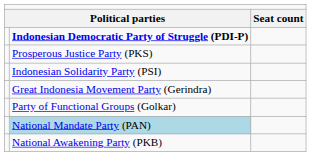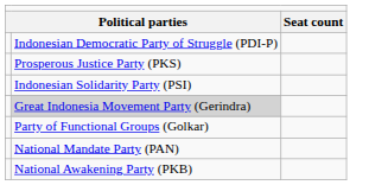 <table class="wikitable">
 <tr>
 <td colspan="4"></td>
 </tr>
 <tr>
 <th colspan="2">Political parties</th>
 <th>Seat count</th>
 </tr>
 <tr>
 <td bgcolor=></td>
-<td><strong><a href='#'>Indonesian Democratic Party of Struggle</a> (PDI-P)</strong></td>
+<td><a href='#'>Indonesian Democratic Party of Struggle</a> (PDI-P)</td>
 <td></td>
 </tr>
 <tr>
 <td bgcolor=></td>
 <td><a href='#'>Prosperous Justice Party</a> (PKS)</td>
 <td></td>
 </tr>
 <tr>
 <td bgcolor=></td>
 <td><a href='#'>Indonesian Solidarity Party</a> (PSI)</td>
 <td></td>
 </tr>
 <tr>
 <td bgcolor=></td>
-<td><a href='#'>Great Indonesia Movement Party</a> (Gerindra)</td>
+<td style="background: lightgrey;"><a href='#'>Great Indonesia Movement Party</a> (Gerindra)</td>
 <td></td>
 </tr>
 <tr>
 <td bgcolor=></td>
 <td><a href='#'>Party of Functional Groups</a> (Golkar)</td>
 <td></td>
 </tr>
 <tr>
 <td bgcolor=></td>
-<td style="background: lightblue;"><a href='#'>National Mandate Party</a> (PAN)</td>
+<td><a href='#'>National Mandate Party</a> (PAN)</td>
 <td></td>
 </tr>
 <tr>
 <td bgcolor=></td>
 <td><a href='#'>National Awakening Party</a> (PKB)</td>
 <td></td>
 </tr>
 </table>
